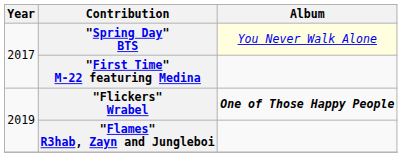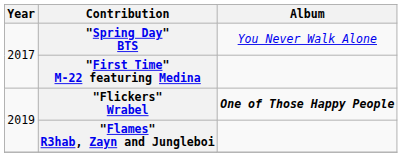 <table class="wikitable plainrowheaders" style="text-align:center;" border="1">
 <tr>
 <th scope="col">Year</th>
 <th scope="col">Contribution</th>
 <th scope="col">Album</th>
 </tr>
 <tr>
 <td rowspan="2">2017</td>
 <th scope="row">"<a href='#'>Spring Day</a>"<br><span><a href='#'>BTS</a></span></th>
-<td style="background: lightyellow;"><em><a href='#'>You Never Walk Alone</a></em></td>
+<td><em><a href='#'>You Never Walk Alone</a></em></td>
 </tr>
 <tr>
 <th scope="row">"<a href='#'>First Time</a>"<br><span><a href='#'>M-22</a> featuring <a href='#'>Medina</a></span></th>
 <td></td>
 </tr>
 <tr>
 <td rowspan="2">2019</td>
 <th scope="row">"Flickers"<br><span><a href='#'>Wrabel</a></span></th>
 <td><strong><em>One of Those Happy People</em></strong></td>
 </tr>
 <tr>
 <th scope="row">"<a href='#'>Flames</a>"<br><span><a href='#'>R3hab</a>, <a href='#'>Zayn</a> and Jungleboi</span></th>
 <td></td>
 </tr>
 <tr>
 </tr>
 </table>
